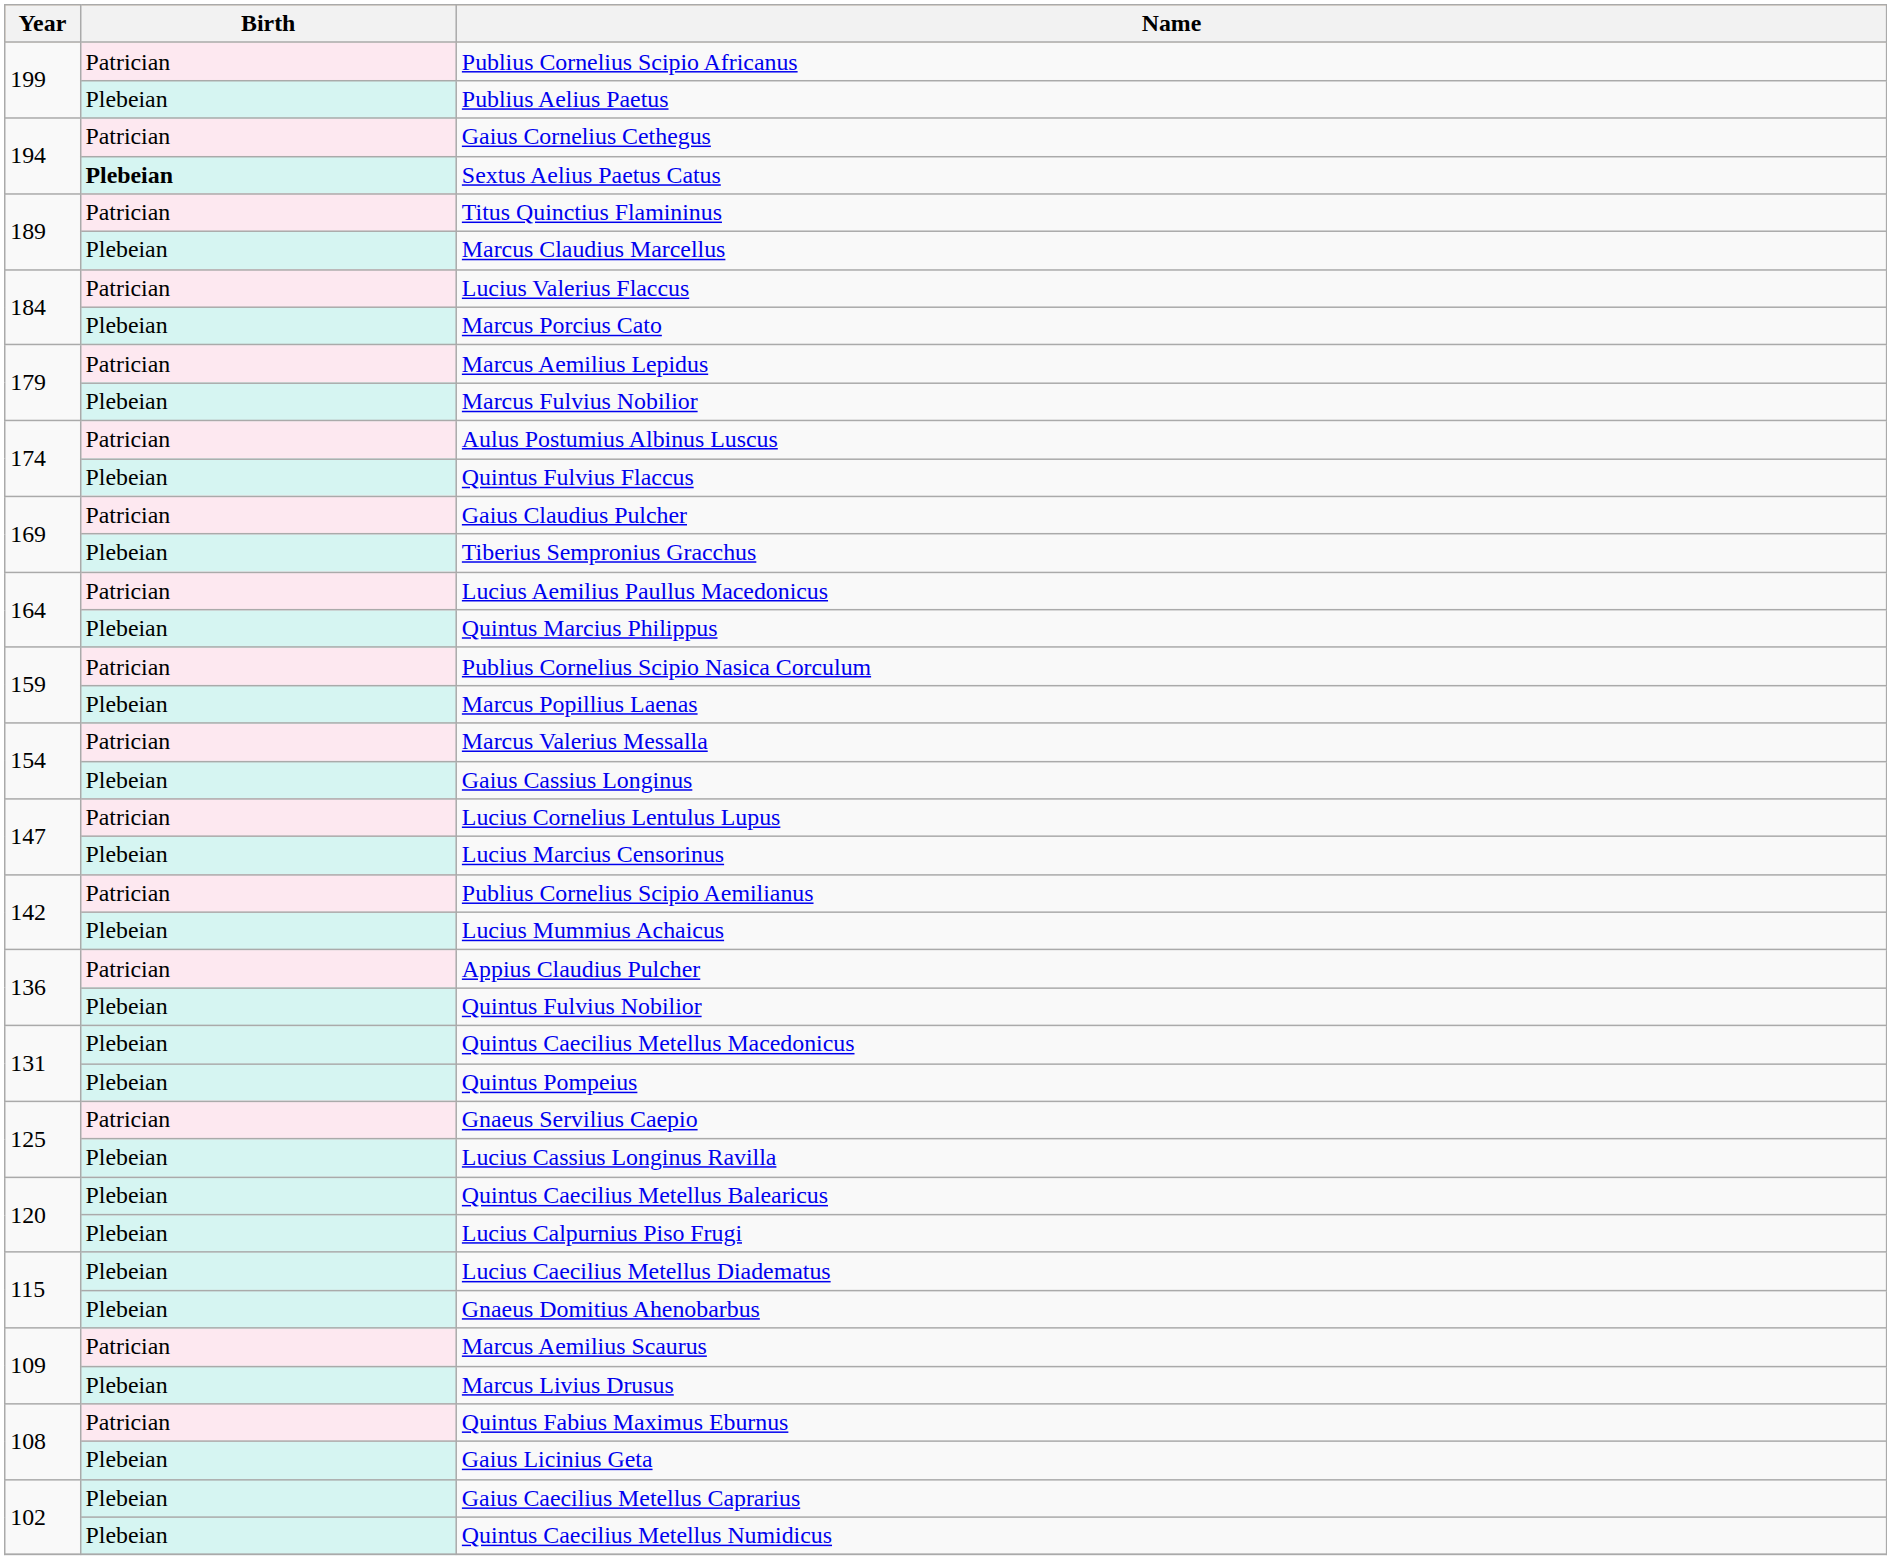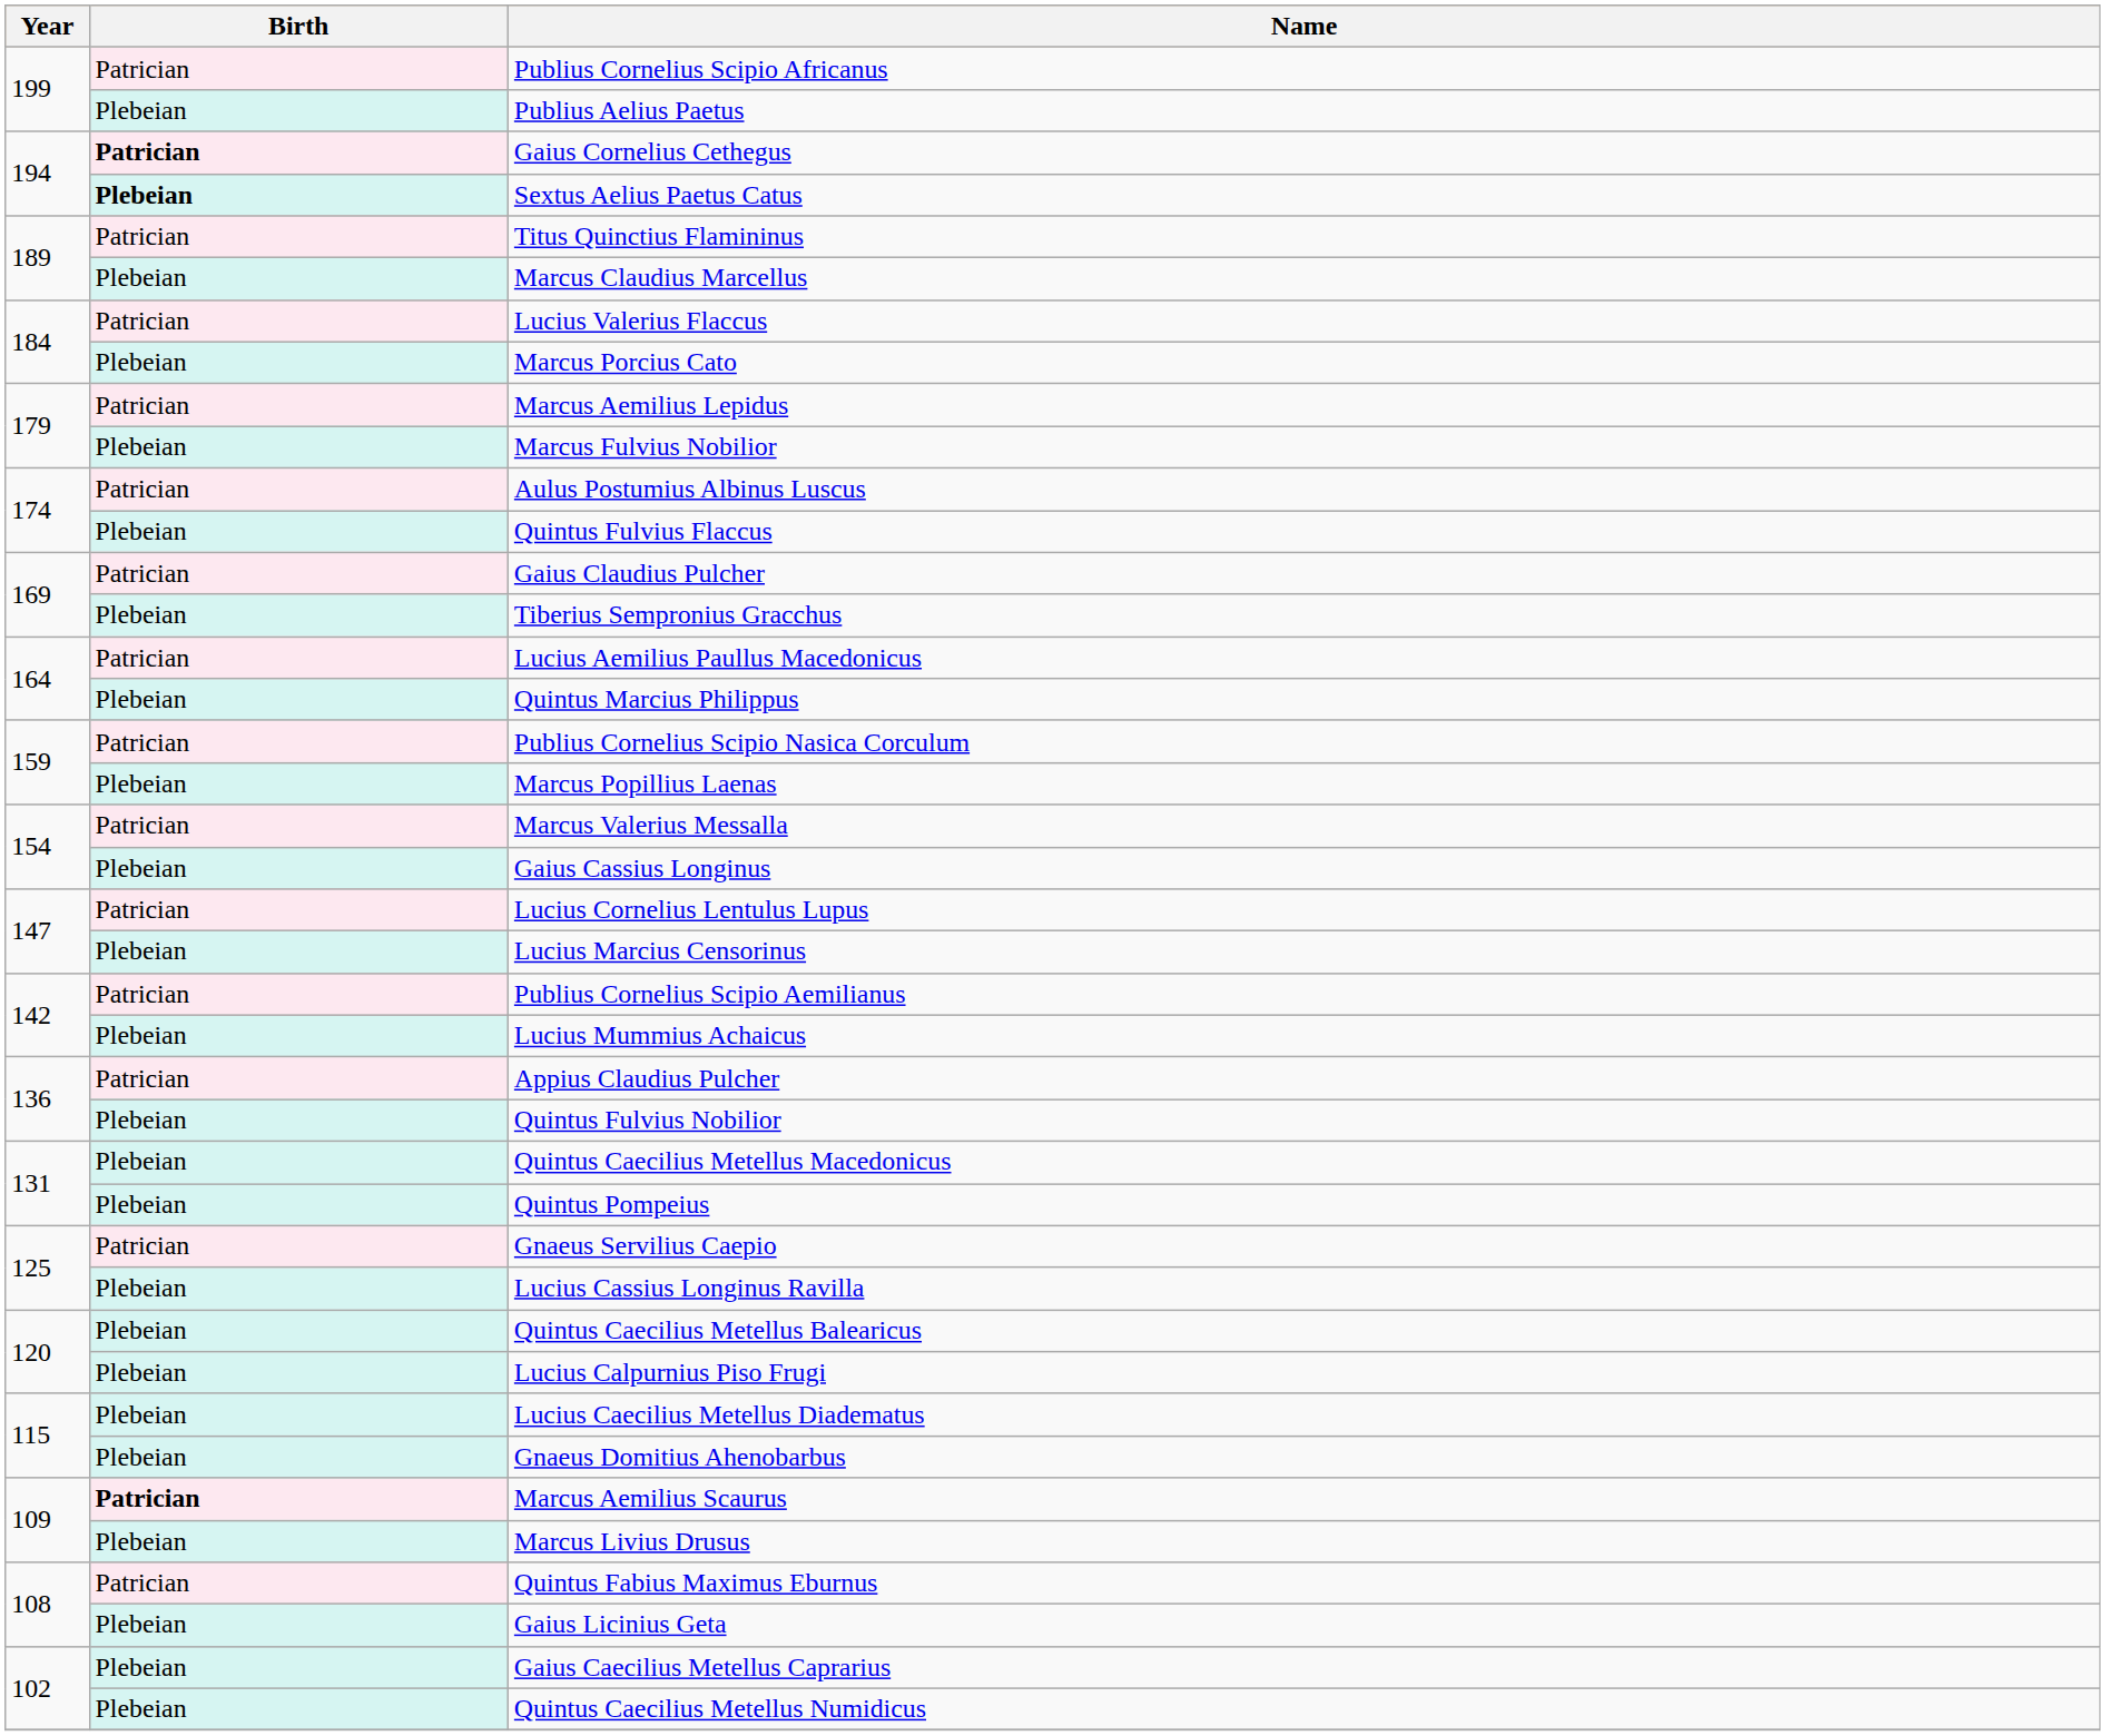 <table class="wikitable sortable"  width="100%">
 <tr bgcolor="#FFDEAD">
 <th width="4%">Year</th>
 <th width="20%">Birth</th>
 <th>Name</th>
 </tr>
 <tr>
 <td rowspan="2">199</td>
 <td style="background: #fde8f0;">Patrician</td>
 <td><a href='#'>Publius Cornelius Scipio Africanus</a></td>
 </tr>
 <tr>
 <td style="background: #d6f5f2;">Plebeian</td>
 <td><a href='#'>Publius Aelius Paetus</a></td>
 </tr>
 <tr>
 <td rowspan="2">194</td>
-<td style="background: #fde8f0;">Patrician</td>
+<td style="background: #fde8f0;"><strong>Patrician</strong></td>
 <td><a href='#'>Gaius Cornelius Cethegus</a></td>
 </tr>
 <tr>
 <td style="background: #d6f5f2;"><strong>Plebeian</strong></td>
 <td><a href='#'>Sextus Aelius Paetus Catus</a></td>
 </tr>
 <tr>
 <td rowspan="2">189</td>
 <td style="background: #fde8f0;">Patrician</td>
 <td><a href='#'>Titus Quinctius Flamininus</a></td>
 </tr>
 <tr>
 <td style="background: #d6f5f2;">Plebeian</td>
 <td><a href='#'>Marcus Claudius Marcellus</a></td>
 </tr>
 <tr>
 <td rowspan="2">184</td>
 <td style="background: #fde8f0;">Patrician</td>
 <td><a href='#'>Lucius Valerius Flaccus</a></td>
 </tr>
 <tr>
 <td style="background: #d6f5f2;">Plebeian</td>
 <td><a href='#'>Marcus Porcius Cato</a></td>
 </tr>
 <tr>
 <td rowspan="2">179</td>
 <td style="background: #fde8f0;">Patrician</td>
 <td><a href='#'>Marcus Aemilius Lepidus</a></td>
 </tr>
 <tr>
 <td style="background: #d6f5f2;">Plebeian</td>
 <td><a href='#'>Marcus Fulvius Nobilior</a></td>
 </tr>
 <tr>
 <td rowspan="2">174</td>
 <td style="background: #fde8f0;">Patrician</td>
 <td><a href='#'>Aulus Postumius Albinus Luscus</a></td>
 </tr>
 <tr>
 <td style="background: #d6f5f2;">Plebeian</td>
 <td><a href='#'>Quintus Fulvius Flaccus</a></td>
 </tr>
 <tr>
 <td rowspan="2">169</td>
 <td style="background: #fde8f0;">Patrician</td>
 <td><a href='#'>Gaius Claudius Pulcher</a></td>
 </tr>
 <tr>
 <td style="background: #d6f5f2;">Plebeian</td>
 <td><a href='#'>Tiberius Sempronius Gracchus</a></td>
 </tr>
 <tr>
 <td rowspan="2">164</td>
 <td style="background: #fde8f0;">Patrician</td>
 <td><a href='#'>Lucius Aemilius Paullus Macedonicus</a></td>
 </tr>
 <tr>
 <td style="background: #d6f5f2;">Plebeian</td>
 <td><a href='#'>Quintus Marcius Philippus</a></td>
 </tr>
 <tr>
 <td rowspan="2">159</td>
 <td style="background: #fde8f0;">Patrician</td>
 <td><a href='#'>Publius Cornelius Scipio Nasica Corculum</a></td>
 </tr>
 <tr>
 <td style="background: #d6f5f2;">Plebeian</td>
 <td><a href='#'>Marcus Popillius Laenas</a></td>
 </tr>
 <tr>
 <td rowspan="2">154</td>
 <td style="background: #fde8f0;">Patrician</td>
 <td><a href='#'>Marcus Valerius Messalla</a></td>
 </tr>
 <tr>
 <td style="background: #d6f5f2;">Plebeian</td>
 <td><a href='#'>Gaius Cassius Longinus</a></td>
 </tr>
 <tr>
 <td rowspan="2">147</td>
 <td style="background: #fde8f0;">Patrician</td>
 <td><a href='#'>Lucius Cornelius Lentulus Lupus</a></td>
 </tr>
 <tr>
 <td style="background: #d6f5f2;">Plebeian</td>
 <td><a href='#'>Lucius Marcius Censorinus</a></td>
 </tr>
 <tr>
 <td rowspan="2">142</td>
 <td style="background: #fde8f0;">Patrician</td>
 <td><a href='#'>Publius Cornelius Scipio Aemilianus</a></td>
 </tr>
 <tr>
 <td style="background: #d6f5f2;">Plebeian</td>
 <td><a href='#'>Lucius Mummius Achaicus</a></td>
 </tr>
 <tr>
 <td rowspan="2">136</td>
 <td style="background: #fde8f0;">Patrician</td>
 <td><a href='#'>Appius Claudius Pulcher</a></td>
 </tr>
 <tr>
 <td style="background: #d6f5f2;">Plebeian</td>
 <td><a href='#'>Quintus Fulvius Nobilior</a></td>
 </tr>
 <tr>
 <td rowspan="2">131</td>
 <td style="background: #d6f5f2;">Plebeian</td>
 <td><a href='#'>Quintus Caecilius Metellus Macedonicus</a></td>
 </tr>
 <tr>
 <td style="background: #d6f5f2;">Plebeian</td>
 <td><a href='#'>Quintus Pompeius</a></td>
 </tr>
 <tr>
 <td rowspan="2">125</td>
 <td style="background: #fde8f0;">Patrician</td>
 <td><a href='#'>Gnaeus Servilius Caepio</a></td>
 </tr>
 <tr>
 <td style="background: #d6f5f2;">Plebeian</td>
 <td><a href='#'>Lucius Cassius Longinus Ravilla</a></td>
 </tr>
 <tr>
 <td rowspan="2">120</td>
 <td style="background: #d6f5f2;">Plebeian</td>
 <td><a href='#'>Quintus Caecilius Metellus Balearicus</a></td>
 </tr>
 <tr>
 <td style="background: #d6f5f2;">Plebeian</td>
 <td><a href='#'>Lucius Calpurnius Piso Frugi</a></td>
 </tr>
 <tr>
 <td rowspan="2">115</td>
 <td style="background: #d6f5f2;">Plebeian</td>
 <td><a href='#'>Lucius Caecilius Metellus Diadematus</a></td>
 </tr>
 <tr>
 <td style="background: #d6f5f2;">Plebeian</td>
 <td><a href='#'>Gnaeus Domitius Ahenobarbus</a></td>
 </tr>
 <tr>
 <td rowspan="2">109</td>
-<td style="background: #fde8f0;">Patrician</td>
+<td style="background: #fde8f0;"><strong>Patrician</strong></td>
 <td><a href='#'>Marcus Aemilius Scaurus</a></td>
 </tr>
 <tr>
 <td style="background: #d6f5f2;">Plebeian</td>
 <td><a href='#'>Marcus Livius Drusus</a></td>
 </tr>
 <tr>
 <td rowspan="2">108</td>
 <td style="background: #fde8f0;">Patrician</td>
 <td><a href='#'>Quintus Fabius Maximus Eburnus</a></td>
 </tr>
 <tr>
 <td style="background: #d6f5f2;">Plebeian</td>
 <td><a href='#'>Gaius Licinius Geta</a></td>
 </tr>
 <tr>
 <td rowspan="2">102</td>
 <td style="background: #d6f5f2;">Plebeian</td>
 <td><a href='#'>Gaius Caecilius Metellus Caprarius</a></td>
 </tr>
 <tr>
 <td style="background: #d6f5f2;">Plebeian</td>
 <td><a href='#'>Quintus Caecilius Metellus Numidicus</a></td>
 </tr>
 <tr>
 </tr>
 </table>
